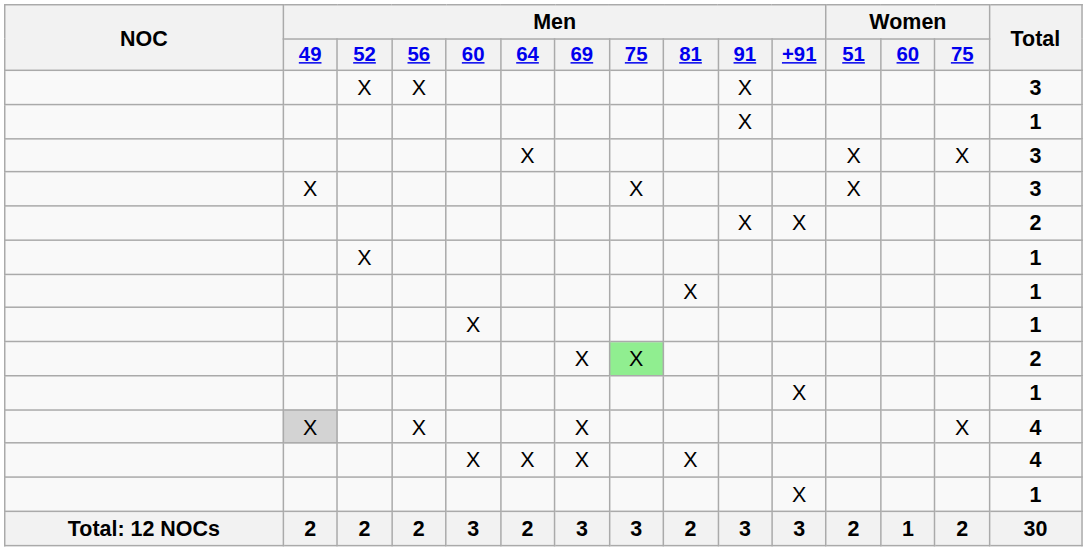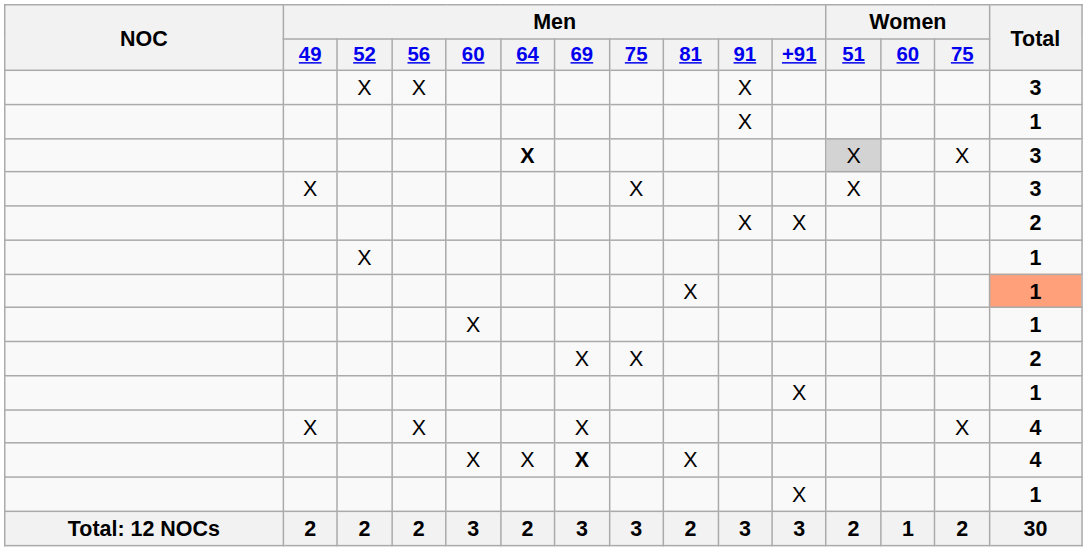 <table class="wikitable" style="text-align:center; font-size:90%">
 <tr>
 <th rowspan="2" width=180 style="text-align:center;">NOC</th>
 <th colspan="10">Men</th>
 <th colspan=3>Women</th>
 <th ! width=55 rowspan="2">Total</th>
 </tr>
 <tr style="font-size: 95%">
 <th width=30><a href='#'>49</a></th>
 <th width=30><a href='#'>52</a></th>
 <th width=30><a href='#'>56</a></th>
 <th width=30><a href='#'>60</a></th>
 <th width=30><a href='#'>64</a></th>
 <th width=30><a href='#'>69</a></th>
 <th width=30><a href='#'>75</a></th>
 <th width=30><a href='#'>81</a></th>
 <th width=30><a href='#'>91</a></th>
 <th width=30><a href='#'>+91</a></th>
 <th width=30><a href='#'>51</a></th>
 <th width=30><a href='#'>60</a></th>
 <th width=30><a href='#'>75</a></th>
 </tr>
 <tr>
 <td style="text-align:left;"></td>
 <td></td>
 <td>X</td>
 <td>X</td>
 <td></td>
 <td></td>
 <td></td>
 <td></td>
 <td></td>
 <td>X</td>
 <td></td>
 <td></td>
 <td></td>
 <td></td>
 <td><strong>3</strong></td>
 </tr>
 <tr>
 <td style="text-align:left;"></td>
 <td></td>
 <td></td>
 <td></td>
 <td></td>
 <td></td>
 <td></td>
 <td></td>
 <td></td>
 <td>X</td>
 <td></td>
 <td></td>
 <td></td>
 <td></td>
 <td><strong>1</strong></td>
 </tr>
 <tr>
 <td style="text-align:left;"></td>
 <td></td>
 <td></td>
 <td></td>
 <td></td>
-<td>X</td>
+<td><strong>X</strong></td>
 <td></td>
 <td></td>
 <td></td>
 <td></td>
 <td></td>
-<td>X</td>
+<td style="background: lightgrey;">X</td>
 <td></td>
 <td>X</td>
 <td><strong>3</strong></td>
 </tr>
 <tr>
 <td style="text-align:left;"></td>
 <td>X</td>
 <td></td>
 <td></td>
 <td></td>
 <td></td>
 <td></td>
 <td>X</td>
 <td></td>
 <td></td>
 <td></td>
 <td>X</td>
 <td></td>
 <td></td>
 <td><strong>3</strong></td>
 </tr>
 <tr>
 <td style="text-align:left;"></td>
 <td></td>
 <td></td>
 <td></td>
 <td></td>
 <td></td>
 <td></td>
 <td></td>
 <td></td>
 <td>X</td>
 <td>X</td>
 <td></td>
 <td></td>
 <td></td>
 <td><strong>2</strong></td>
 </tr>
 <tr>
 <td style="text-align:left;"></td>
 <td></td>
 <td>X</td>
 <td></td>
 <td></td>
 <td></td>
 <td></td>
 <td></td>
 <td></td>
 <td></td>
 <td></td>
 <td></td>
 <td></td>
 <td></td>
 <td><strong>1</strong></td>
 </tr>
 <tr>
 <td style="text-align:left;"></td>
 <td></td>
 <td></td>
 <td></td>
 <td></td>
 <td></td>
 <td></td>
 <td></td>
 <td>X</td>
 <td></td>
 <td></td>
 <td></td>
 <td></td>
 <td></td>
-<td><strong>1</strong></td>
+<td style="background: lightsalmon;"><strong>1</strong></td>
 </tr>
 <tr>
 <td style="text-align:left;"></td>
 <td></td>
 <td></td>
 <td></td>
 <td>X</td>
 <td></td>
 <td></td>
 <td></td>
 <td></td>
 <td></td>
 <td></td>
 <td></td>
 <td></td>
 <td></td>
 <td><strong>1</strong></td>
 </tr>
 <tr>
 <td style="text-align:left;"></td>
 <td></td>
 <td></td>
 <td></td>
 <td></td>
 <td></td>
 <td>X</td>
-<td style="background: lightgreen;">X</td>
+<td>X</td>
 <td></td>
 <td></td>
 <td></td>
 <td></td>
 <td></td>
 <td></td>
 <td><strong>2</strong></td>
 </tr>
 <tr>
 <td style="text-align:left;"></td>
 <td></td>
 <td></td>
 <td></td>
 <td></td>
 <td></td>
 <td></td>
 <td></td>
 <td></td>
 <td></td>
 <td>X</td>
 <td></td>
 <td></td>
 <td></td>
 <td><strong>1</strong></td>
 </tr>
 <tr>
 <td style="text-align:left;"></td>
-<td style="background: lightgrey;">X</td>
+<td>X</td>
 <td></td>
 <td>X</td>
 <td></td>
 <td></td>
 <td>X</td>
 <td></td>
 <td></td>
 <td></td>
 <td></td>
 <td></td>
 <td></td>
 <td>X</td>
 <td><strong>4</strong></td>
 </tr>
 <tr>
 <td style="text-align:left;"></td>
 <td></td>
 <td></td>
 <td></td>
 <td>X</td>
 <td>X</td>
-<td>X</td>
+<td><strong>X</strong></td>
 <td></td>
 <td>X</td>
 <td></td>
 <td></td>
 <td></td>
 <td></td>
 <td></td>
 <td><strong>4</strong></td>
 </tr>
 <tr>
 <td style="text-align:left;"></td>
 <td></td>
 <td></td>
 <td></td>
 <td></td>
 <td></td>
 <td></td>
 <td></td>
 <td></td>
 <td></td>
 <td>X</td>
 <td></td>
 <td></td>
 <td></td>
 <td><strong>1</strong></td>
 </tr>
 <tr>
 <th>Total: 12 NOCs</th>
 <th>2</th>
 <th>2</th>
 <th>2</th>
 <th>3</th>
 <th>2</th>
 <th>3</th>
 <th>3</th>
 <th>2</th>
 <th>3</th>
 <th>3</th>
 <th>2</th>
 <th>1</th>
 <th>2</th>
 <th>30</th>
 </tr>
 </table>
